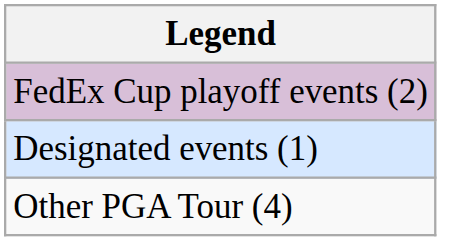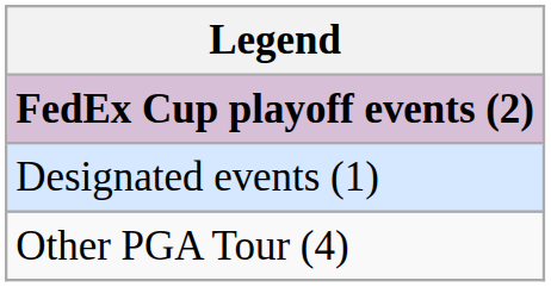 <table class="wikitable" style="font-size:95%;">
 <tr>
 <th>Legend</th>
 </tr>
 <tr style="background:thistle;">
-<td>FedEx Cup playoff events (2)</td>
+<td><strong>FedEx Cup playoff events (2)</strong></td>
 </tr>
 <tr style="background:#D6E8FF;">
 <td>Designated events (1)</td>
 </tr>
 <tr>
 <td>Other PGA Tour (4)</td>
 </tr>
 </table>
